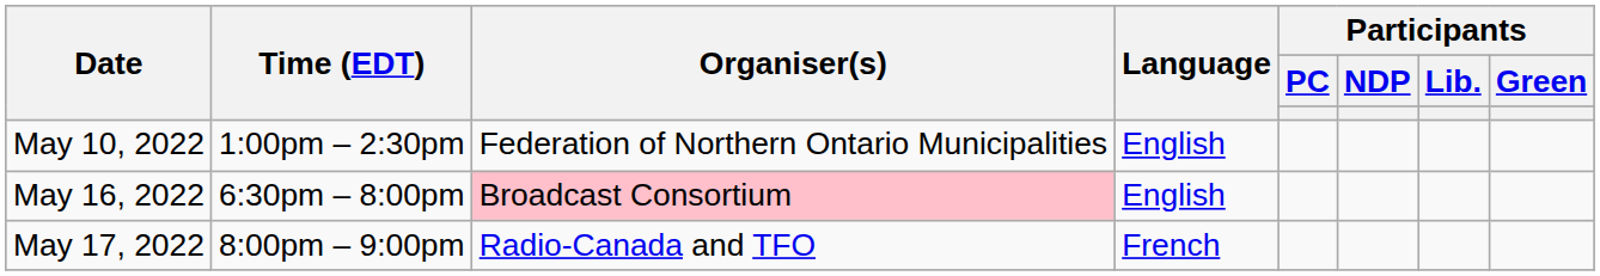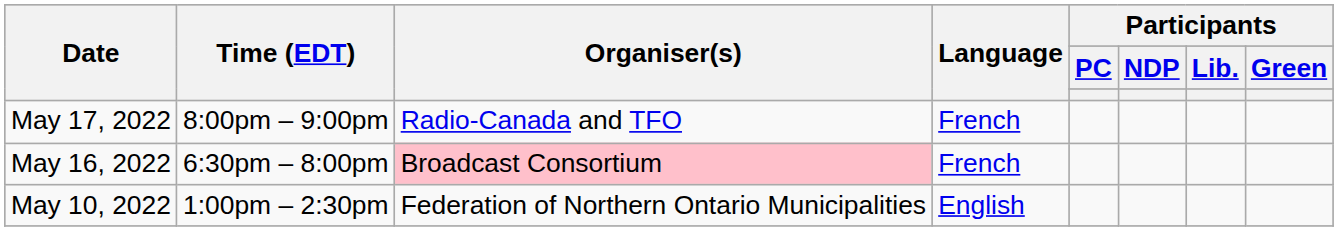 <table class="wikitable collapsed">
 <tr>
 <th rowspan=3>Date</th>
 <th rowspan=3>Time (<a href='#'>EDT</a>)</th>
 <th rowspan=3>Organiser(s)</th>
 <th rowspan=3>Language</th>
 <th colspan="4">Participants</th>
 </tr>
 <tr>
 <th><a href='#'>PC</a></th>
 <th><a href='#'>NDP</a></th>
 <th><a href='#'>Lib.</a></th>
 <th><a href='#'>Green</a></th>
 </tr>
 <tr>
 <th style="background:"></th>
 <th style="background:"></th>
 <th style="background:"></th>
 <th style="background:"></th>
 </tr>
 <tr>
+<td>May 17, 2022</td>
+<td>8:00pm – 9:00pm</td>
+<td><a href='#'>Radio-Canada</a> and <a href='#'>TFO</a></td>
+<td><a href='#'>French</a></td>
+<td></td>
+<td></td>
+<td></td>
+<td></td>
+</tr>
+<tr>
+<td>May 16, 2022</td>
+<td>6:30pm – 8:00pm</td>
+<td style="background: pink;">Broadcast Consortium</td>
+<td><a href='#'>French</a></td>
+<td></td>
+<td></td>
+<td></td>
+<td></td>
+</tr>
+<tr>
 <td>May 10, 2022</td>
 <td>1:00pm – 2:30pm</td>
 <td>Federation of Northern Ontario Municipalities</td>
 <td><a href='#'>English</a></td>
 <td></td>
 <td></td>
 <td></td>
 <td></td>
 </tr>
-<tr>
-<td>May 16, 2022</td>
-<td>6:30pm – 8:00pm</td>
-<td style="background: pink;">Broadcast Consortium</td>
-<td><a href='#'>English</a></td>
-<td></td>
-<td></td>
-<td></td>
-<td></td>
-</tr>
-<tr>
-<td>May 17, 2022</td>
-<td>8:00pm – 9:00pm</td>
-<td><a href='#'>Radio-Canada</a> and <a href='#'>TFO</a></td>
-<td><a href='#'>French</a></td>
-<td></td>
-<td></td>
-<td></td>
-<td></td>
-</tr>
 </table>
